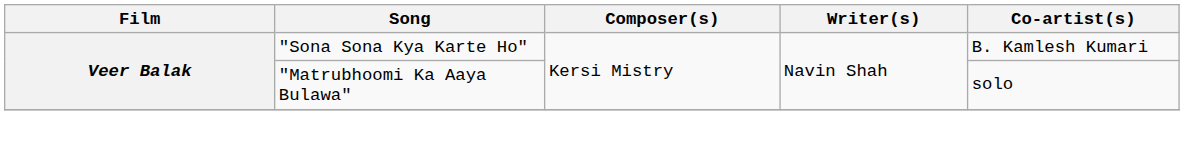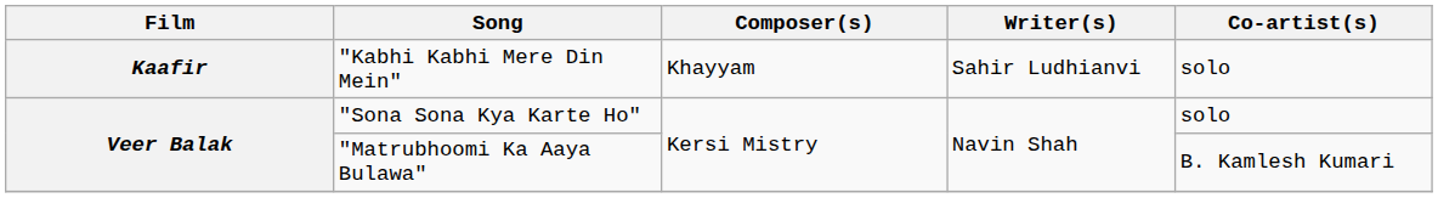 <table class="wikitable plainrowheaders" width="100%" textcolor:#000;">
 <tr style="background:#b0e0e66;">
 <th scope="col" width=23%><strong>Film</strong></th>
 <th scope="col" width=23%><strong>Song</strong></th>
 <th scope="col" width=20%><strong>Composer(s)</strong></th>
 <th scope="col" width=16%><strong>Writer(s)</strong></th>
 <th scope="col" width=18%><strong>Co-artist(s)</strong></th>
 </tr>
 <tr>
+<th><em>Kaafir</em></th>
+<td>"Kabhi Kabhi Mere Din Mein"</td>
+<td>Khayyam</td>
+<td>Sahir Ludhianvi</td>
+<td>solo</td>
+</tr>
+<tr>
 <th rowspan=2><em>Veer Balak</em></th>
 <td>"Sona Sona Kya Karte Ho"</td>
 <td rowspan=2>Kersi Mistry</td>
 <td rowspan=2>Navin Shah</td>
-<td>B. Kamlesh Kumari</td>
+<td>solo</td>
 </tr>
 <tr>
 <td>"Matrubhoomi Ka Aaya Bulawa"</td>
-<td>solo</td>
+<td>B. Kamlesh Kumari</td>
 </tr>
 <tr>
 </tr>
 </table>
